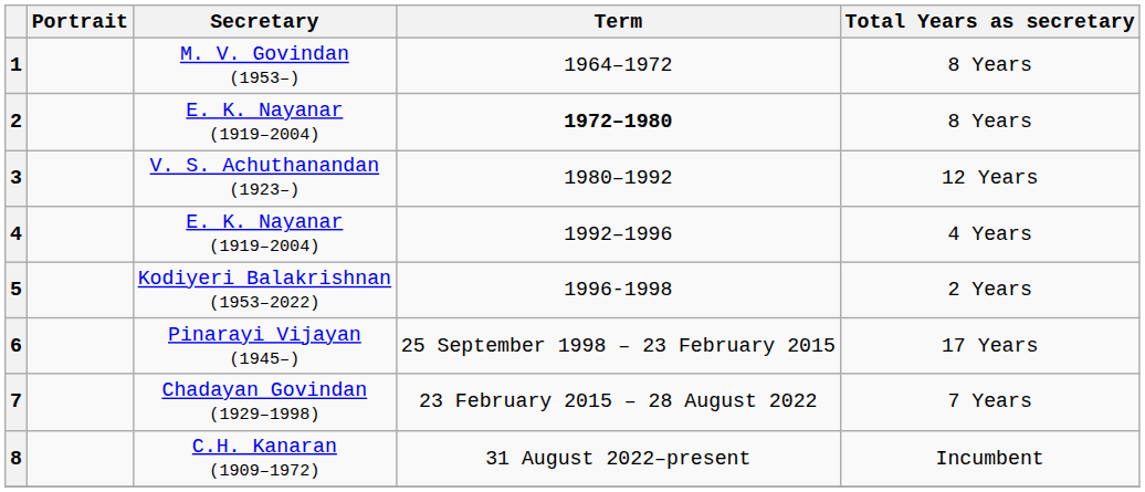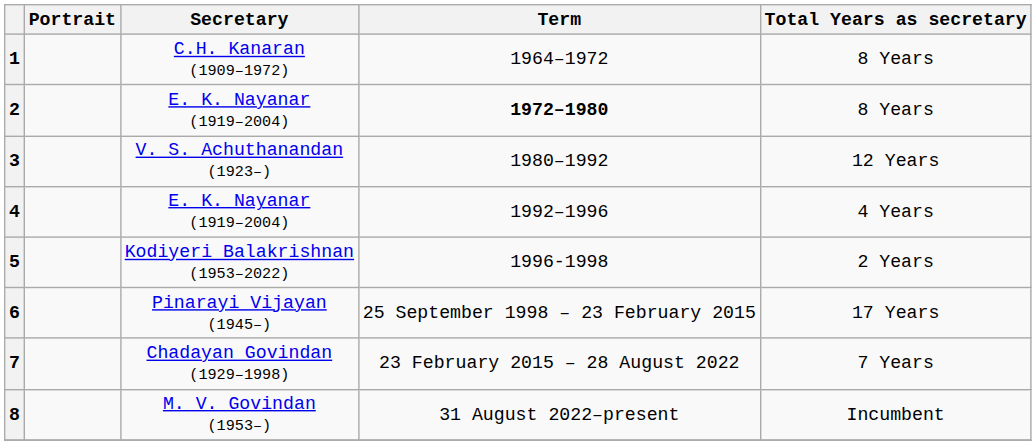 <table class="wikitable sortable" style="text-align:center;">
 <tr>
 <th Style="background-color:"></th>
 <th Style="background-color:">Portrait</th>
 <th Style="background-color:">Secretary<br></th>
 <th Style="background-color:">Term</th>
 <th Style="background-color:">Total Years as secretary</th>
 </tr>
 <tr>
 <th>1</th>
 <td></td>
-<td><a href='#'>M. V. Govindan</a><br><small>(1953–)</small></td>
+<td><a href='#'>C.H. Kanaran</a><br><small>(1909–1972)</small></td>
 <td>1964–1972</td>
 <td>8 Years</td>
 </tr>
 <tr>
 <th>2</th>
 <td></td>
 <td><a href='#'>E. K. Nayanar</a><br><small>(1919–2004)</small></td>
 <td><strong>1972–1980</strong></td>
 <td>8 Years</td>
 </tr>
 <tr>
 <th>3</th>
 <td></td>
 <td><a href='#'>V. S. Achuthanandan</a><br><small>(1923–)</small></td>
 <td>1980–1992</td>
 <td>12 Years</td>
 </tr>
 <tr>
 <th>4</th>
 <td></td>
 <td><a href='#'>E. K. Nayanar</a><br><small>(1919–2004)</small></td>
 <td>1992–1996</td>
 <td>4 Years</td>
 </tr>
 <tr>
 <th>5</th>
 <td></td>
 <td><a href='#'>Kodiyeri Balakrishnan</a><br><small>(1953–2022)</small></td>
 <td>1996-1998</td>
 <td>2 Years</td>
 </tr>
 <tr>
 <th>6</th>
 <td></td>
 <td><a href='#'>Pinarayi Vijayan</a><br><small>(1945–)</small></td>
 <td>25 September 1998 – 23 February 2015</td>
 <td>17 Years</td>
 </tr>
 <tr>
 <th>7</th>
 <td></td>
 <td><a href='#'>Chadayan Govindan</a><br><small>(1929–1998)</small></td>
 <td>23 February 2015 – 28 August 2022</td>
 <td>7 Years</td>
 </tr>
 <tr>
 <th>8</th>
 <td></td>
-<td><a href='#'>C.H. Kanaran</a><br><small>(1909–1972)</small></td>
+<td><a href='#'>M. V. Govindan</a><br><small>(1953–)</small></td>
 <td>31 August 2022–present</td>
 <td>Incumbent</td>
 </tr>
 <tr>
 </tr>
 </table>
